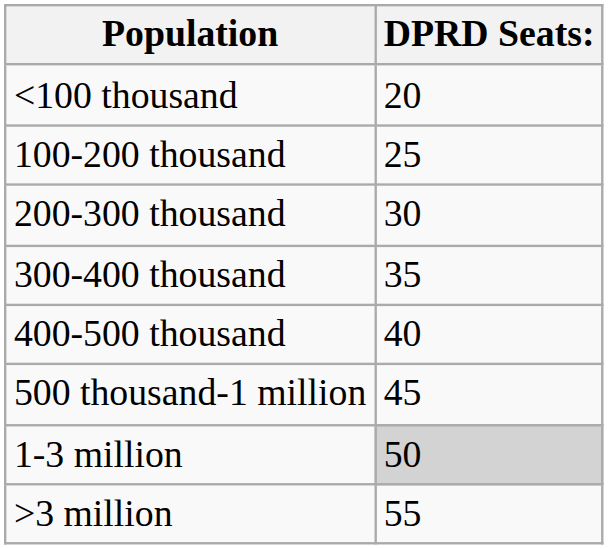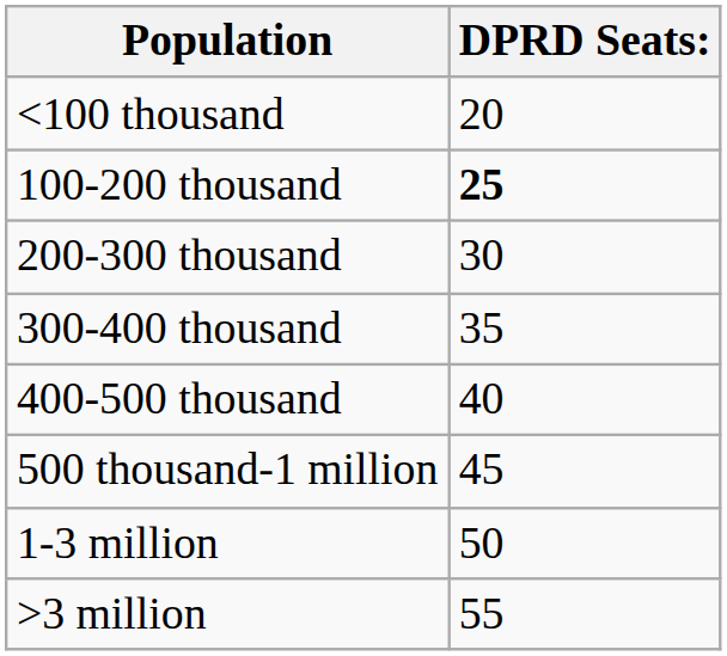 <table class="wikitable">
 <tr>
 <th>Population</th>
 <th>DPRD Seats:</th>
 </tr>
 <tr>
 <td><100 thousand</td>
 <td>20</td>
 </tr>
 <tr>
 <td>100-200 thousand</td>
-<td>25</td>
+<td><strong>25</strong></td>
 </tr>
 <tr>
 <td>200-300 thousand</td>
 <td>30</td>
 </tr>
 <tr>
 <td>300-400 thousand</td>
 <td>35</td>
 </tr>
 <tr>
 <td>400-500 thousand</td>
 <td>40</td>
 </tr>
 <tr>
 <td>500 thousand-1 million</td>
 <td>45</td>
 </tr>
 <tr>
 <td>1-3 million</td>
-<td style="background: lightgrey;">50</td>
+<td>50</td>
 </tr>
 <tr>
 <td>>3 million</td>
 <td>55</td>
 </tr>
 </table>
